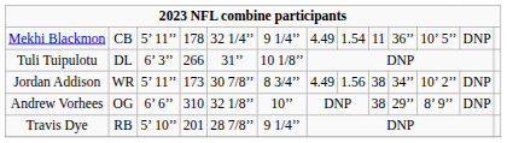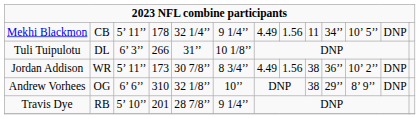 <table class="wikitable sortable" style="text-align:center" "width:75%;">
 <tr>
 <td colspan="14" style="font-weight:bold; ">2023 NFL combine participants<br></td>
 </tr>
 <tr>
 <td><a href='#'>Mekhi Blackmon</a></td>
 <td>CB</td>
 <td>5’ 11’’</td>
 <td>178</td>
 <td>32 1/4’’</td>
 <td>9 1/4’’</td>
 <td>4.49</td>
-<td>1.54</td>
+<td>1.56</td>
 <td>11</td>
-<td>36’’</td>
+<td>34’’</td>
 <td>10’ 5’’</td>
 <td colspan="2">DNP</td>
 <td></td>
 </tr>
 <tr>
 <td>Tuli Tuipulotu</td>
 <td>DL</td>
 <td>6’ 3’’</td>
 <td>266</td>
 <td>31’’</td>
 <td>10 1/8’’</td>
 <td colspan="7">DNP</td>
 <td></td>
 </tr>
 <tr>
 <td>Jordan Addison</td>
 <td>WR</td>
 <td>5’ 11’’</td>
 <td>173</td>
 <td>30 7/8’’</td>
 <td>8 3/4’’</td>
 <td>4.49</td>
 <td>1.56</td>
 <td>38</td>
-<td>34’’</td>
+<td>36’’</td>
 <td>10’ 2’’</td>
 <td colspan="2">DNP</td>
 <td></td>
 </tr>
 <tr>
 <td>Andrew Vorhees</td>
 <td>OG</td>
 <td>6’ 6’’</td>
 <td>310</td>
 <td>32 1/8’’</td>
 <td>10’’</td>
 <td colspan="2">DNP</td>
 <td>38</td>
 <td>29’’</td>
 <td>8’ 9’’</td>
 <td colspan="2">DNP</td>
 <td></td>
 </tr>
 <tr>
 <td>Travis Dye</td>
 <td>RB</td>
 <td>5’ 10’’</td>
 <td>201</td>
 <td>28 7/8’’</td>
 <td>9 1/4’’</td>
 <td colspan="7">DNP</td>
 <td></td>
 </tr>
 <tr>
 </tr>
 </table>
